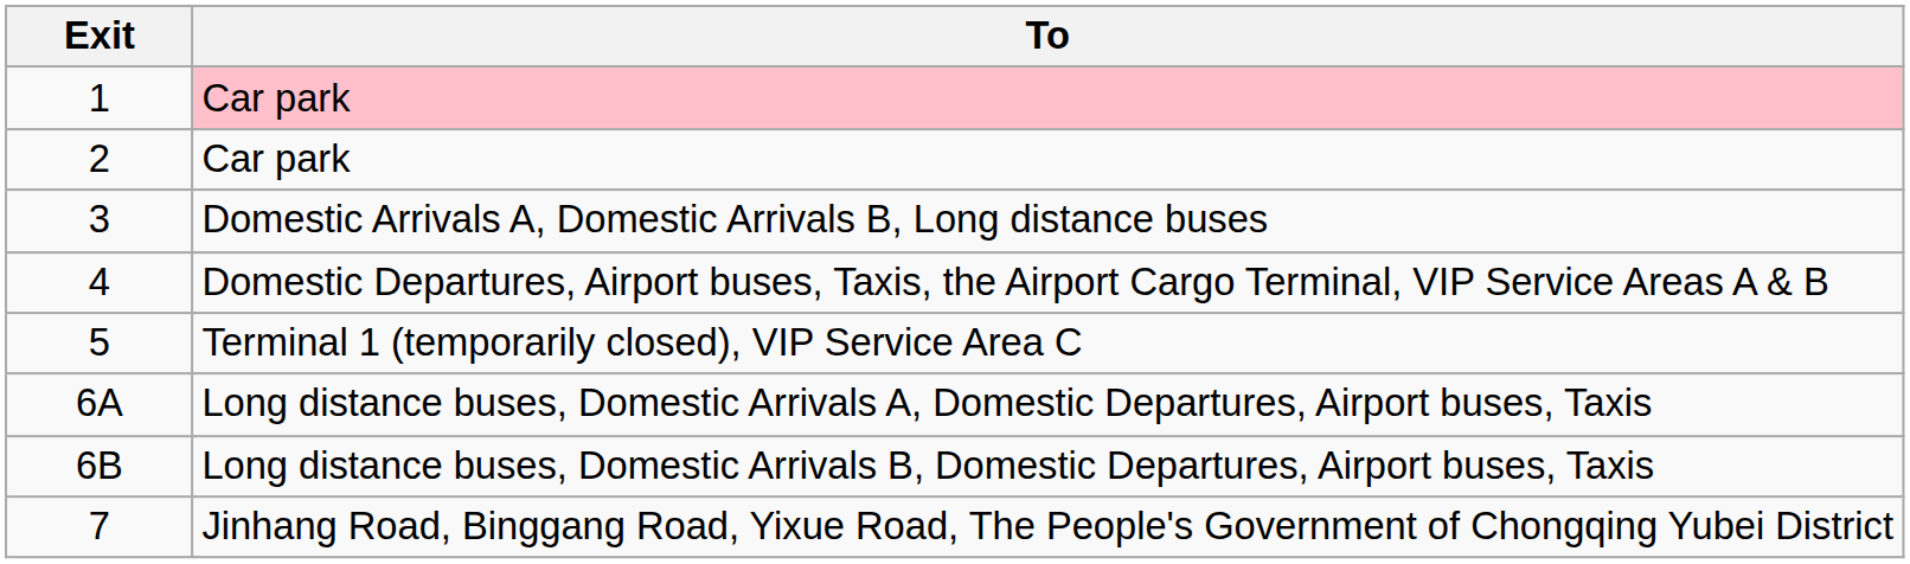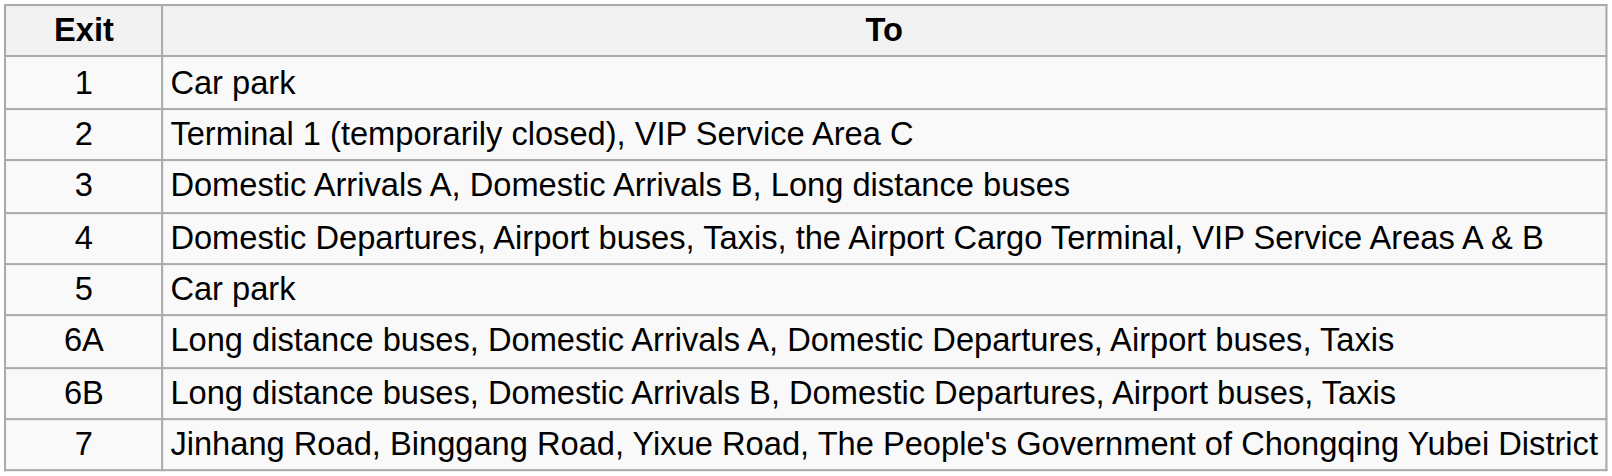 <table class="wikitable">
 <tr>
 <th style="width:70px" colspan="2">Exit</th>
 <th>To</th>
 </tr>
 <tr>
 <td align="center" colspan="2">1</td>
-<td style="background: pink;">Car park</td>
+<td>Car park</td>
 </tr>
 <tr>
 <td align="center" colspan="2">2</td>
-<td>Car park</td>
+<td>Terminal 1 (temporarily closed), VIP Service Area C</td>
 </tr>
 <tr>
 <td align="center" colspan="2">3</td>
 <td>Domestic Arrivals A, Domestic Arrivals B, Long distance buses</td>
 </tr>
 <tr>
 <td align="center" colspan="2">4</td>
 <td>Domestic Departures, Airport buses, Taxis, the Airport Cargo Terminal, VIP Service Areas A & B</td>
 </tr>
 <tr>
 <td align="center" colspan="2">5</td>
-<td>Terminal 1 (temporarily closed), VIP Service Area C</td>
+<td>Car park</td>
 </tr>
 <tr>
 <td align="center" colspan="2">6A</td>
 <td>Long distance buses, Domestic Arrivals A, Domestic Departures, Airport buses, Taxis</td>
 </tr>
 <tr>
 <td align="center" colspan="2">6B</td>
 <td>Long distance buses, Domestic Arrivals B, Domestic Departures, Airport buses, Taxis</td>
 </tr>
 <tr>
 <td align="center" colspan="2">7</td>
 <td>Jinhang Road, Binggang Road, Yixue Road, The People's Government of Chongqing Yubei District</td>
 </tr>
 </table>
